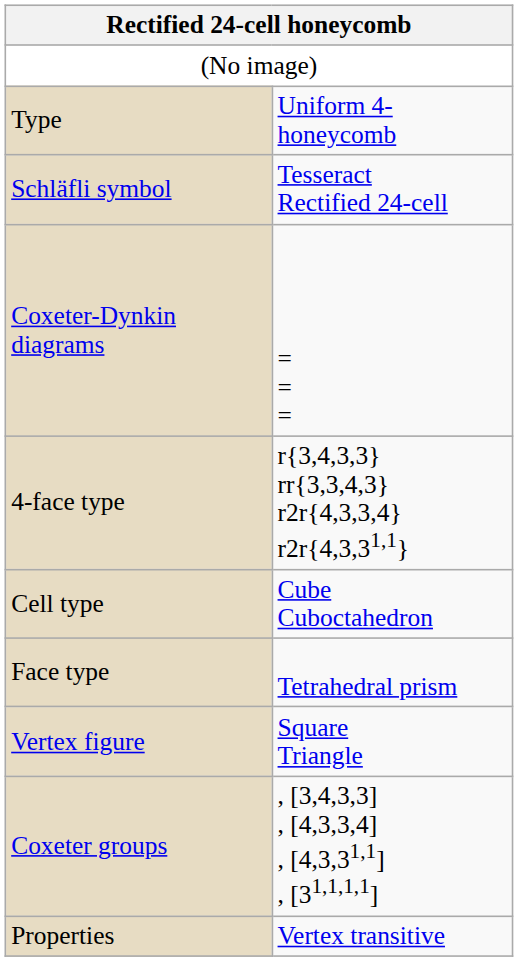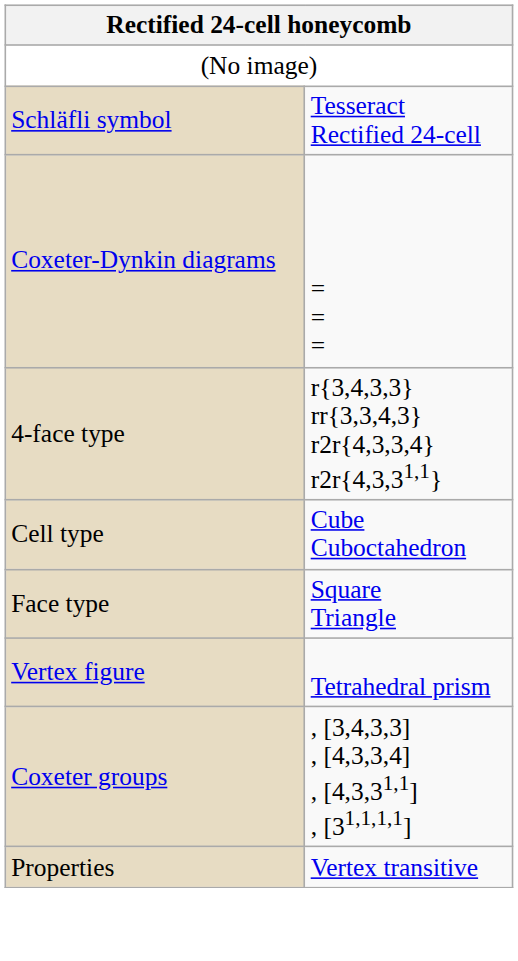 <table class="wikitable" align="right" style="margin-left:10px" width="320">
 <tr>
 <th bgcolor=#e7dcc3 colspan=2>Rectified 24-cell honeycomb</th>
 </tr>
 <tr>
 <td bgcolor=#ffffff align=center colspan=2>(No image)</td>
-</tr>
-<tr>
-<td bgcolor=#e7dcc3>Type</td>
-<td><a href='#'>Uniform 4-honeycomb</a></td>
 </tr>
 <tr>
 <td bgcolor=#e7dcc3><a href='#'>Schläfli symbol</a></td>
 <td><a href='#'>Tesseract</a> <br><a href='#'>Rectified 24-cell</a> </td>
 </tr>
 <tr>
 <td bgcolor=#e7dcc3><a href='#'>Coxeter-Dynkin diagrams</a></td>
 <td><br><br> <br> <br>  = <br>  = <br>  = </td>
 </tr>
 <tr>
 <td bgcolor=#e7dcc3>4-face type</td>
 <td>r{3,4,3,3}<br>rr{3,3,4,3}<br>r2r{4,3,3,4}<br>r2r{4,3,3<sup>1,1</sup>}</td>
 </tr>
 <tr>
 <td bgcolor=#e7dcc3>Cell type</td>
 <td><a href='#'>Cube</a> <br><a href='#'>Cuboctahedron</a> </td>
 </tr>
 <tr>
 <td bgcolor=#e7dcc3>Face type</td>
-<td><br><a href='#'>Tetrahedral prism</a></td>
+<td><a href='#'>Square</a><br><a href='#'>Triangle</a></td>
 </tr>
 <tr>
 <td bgcolor=#e7dcc3><a href='#'>Vertex figure</a></td>
-<td><a href='#'>Square</a><br><a href='#'>Triangle</a></td>
+<td><br><a href='#'>Tetrahedral prism</a></td>
 </tr>
 <tr>
 <td bgcolor=#e7dcc3><a href='#'>Coxeter groups</a></td>
 <td>, [3,4,3,3]<br>, [4,3,3,4]<br>, [4,3,3<sup>1,1</sup>]<br>, [3<sup>1,1,1,1</sup>]</td>
 </tr>
 <tr>
 <td bgcolor=#e7dcc3>Properties</td>
 <td><a href='#'>Vertex transitive</a></td>
 </tr>
 </table>
